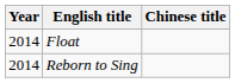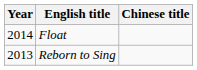 <table class="wikitable">
 <tr>
 <th>Year</th>
 <th>English title</th>
 <th>Chinese title</th>
 </tr>
 <tr>
 <td>2014</td>
 <td><em>Float</em></td>
 <td></td>
 </tr>
 <tr>
-<td>2014</td>
+<td>2013</td>
 <td><em>Reborn to Sing</em></td>
 <td></td>
 </tr>
 </table>
